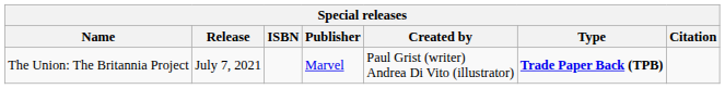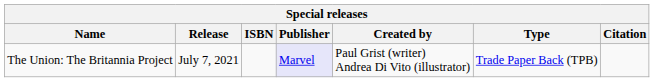 <table class="wikitable">
 <tr>
 <th colspan="7">Special releases</th>
 </tr>
 <tr>
 <th>Name</th>
 <th>Release</th>
 <th>ISBN</th>
 <th>Publisher</th>
 <th>Created by</th>
 <th>Type</th>
 <th>Citation</th>
 </tr>
 <tr>
 <td>The Union: The Britannia Project</td>
 <td>July 7, 2021</td>
 <td></td>
-<td><a href='#'>Marvel</a></td>
+<td style="background: lavender;"><a href='#'>Marvel</a></td>
 <td>Paul Grist (writer)<br>Andrea Di Vito (illustrator)</td>
-<td><strong><a href='#'>Trade Paper Back</a> (TPB)</strong></td>
+<td><a href='#'>Trade Paper Back</a> (TPB)</td>
 <td></td>
 </tr>
 </table>
